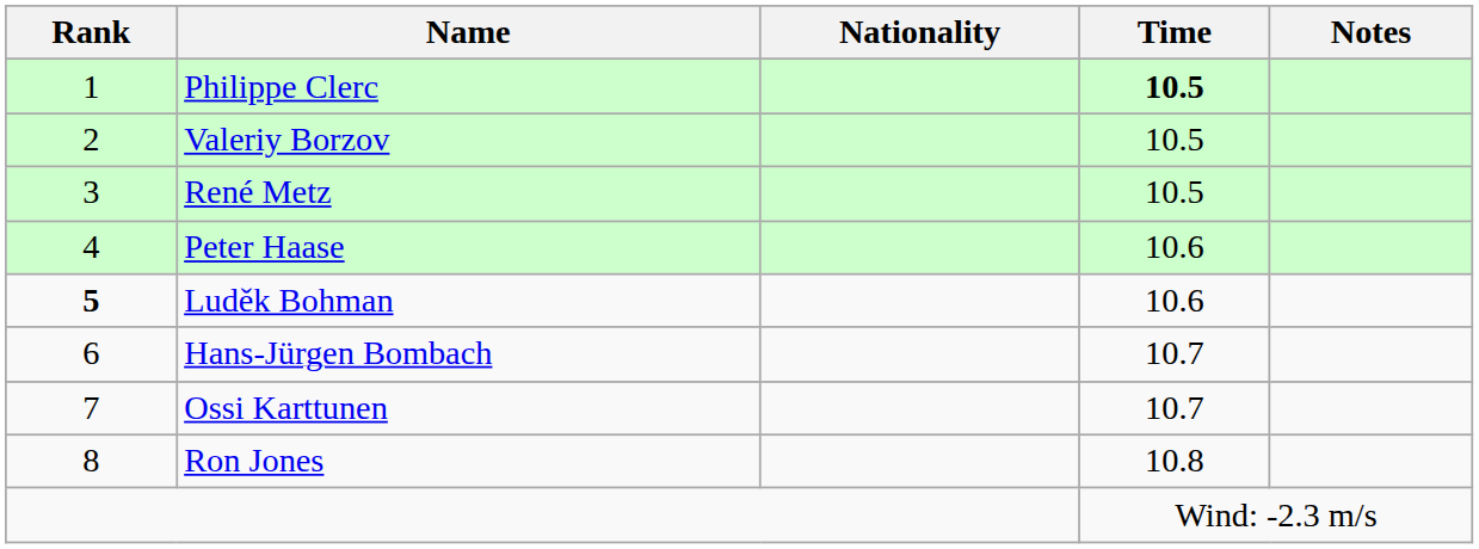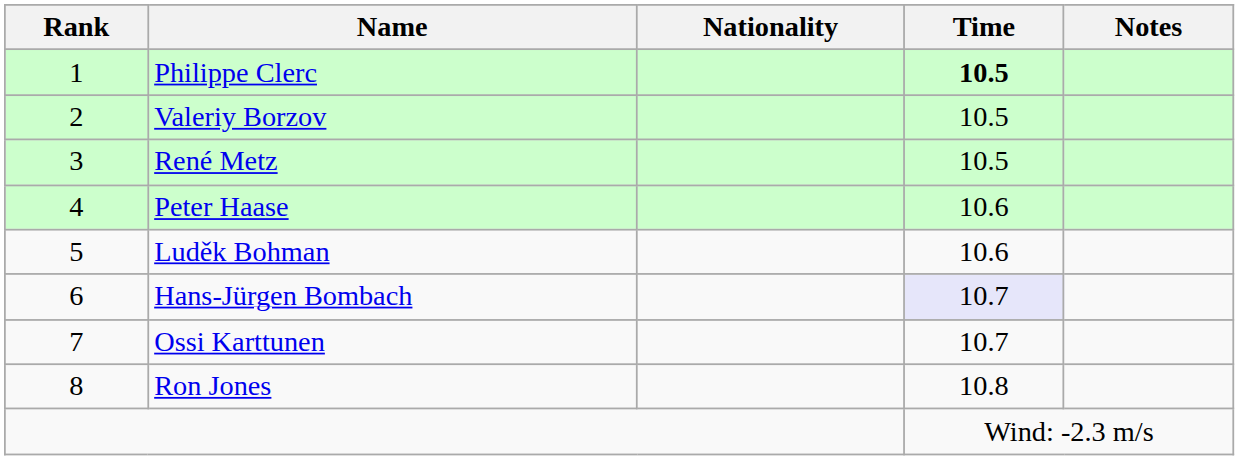 <table class="wikitable sortable" style="text-align:center;width: 55%">
 <tr>
 <th>Rank</th>
 <th>Name</th>
 <th>Nationality</th>
 <th>Time</th>
 <th>Notes</th>
 </tr>
 <tr bgcolor=ccffcc>
 <td>1</td>
 <td align=left><a href='#'>Philippe Clerc</a></td>
 <td align=left></td>
 <td><strong>10.5</strong></td>
 <td></td>
 </tr>
 <tr bgcolor=ccffcc>
 <td>2</td>
 <td align=left><a href='#'>Valeriy Borzov</a></td>
 <td align=left></td>
 <td>10.5</td>
 <td></td>
 </tr>
 <tr bgcolor=ccffcc>
 <td>3</td>
 <td align=left><a href='#'>René Metz</a></td>
 <td align=left></td>
 <td>10.5</td>
 <td></td>
 </tr>
 <tr bgcolor=ccffcc>
 <td>4</td>
 <td align=left><a href='#'>Peter Haase</a></td>
 <td align=left></td>
 <td>10.6</td>
 <td></td>
 </tr>
 <tr>
-<td><strong>5</strong></td>
+<td>5</td>
 <td align=left><a href='#'>Luděk Bohman</a></td>
 <td align=left></td>
 <td>10.6</td>
 <td></td>
 </tr>
 <tr>
 <td>6</td>
 <td align=left><a href='#'>Hans-Jürgen Bombach</a></td>
 <td align=left></td>
-<td>10.7</td>
+<td style="background: lavender;">10.7</td>
 <td></td>
 </tr>
 <tr>
 <td>7</td>
 <td align=left><a href='#'>Ossi Karttunen</a></td>
 <td align=left></td>
 <td>10.7</td>
 <td></td>
 </tr>
 <tr>
 <td>8</td>
 <td align=left><a href='#'>Ron Jones</a></td>
 <td align=left></td>
 <td>10.8</td>
 <td></td>
 </tr>
 <tr>
 <td colspan="3"></td>
 <td colspan="2">Wind: -2.3 m/s</td>
 </tr>
 </table>
